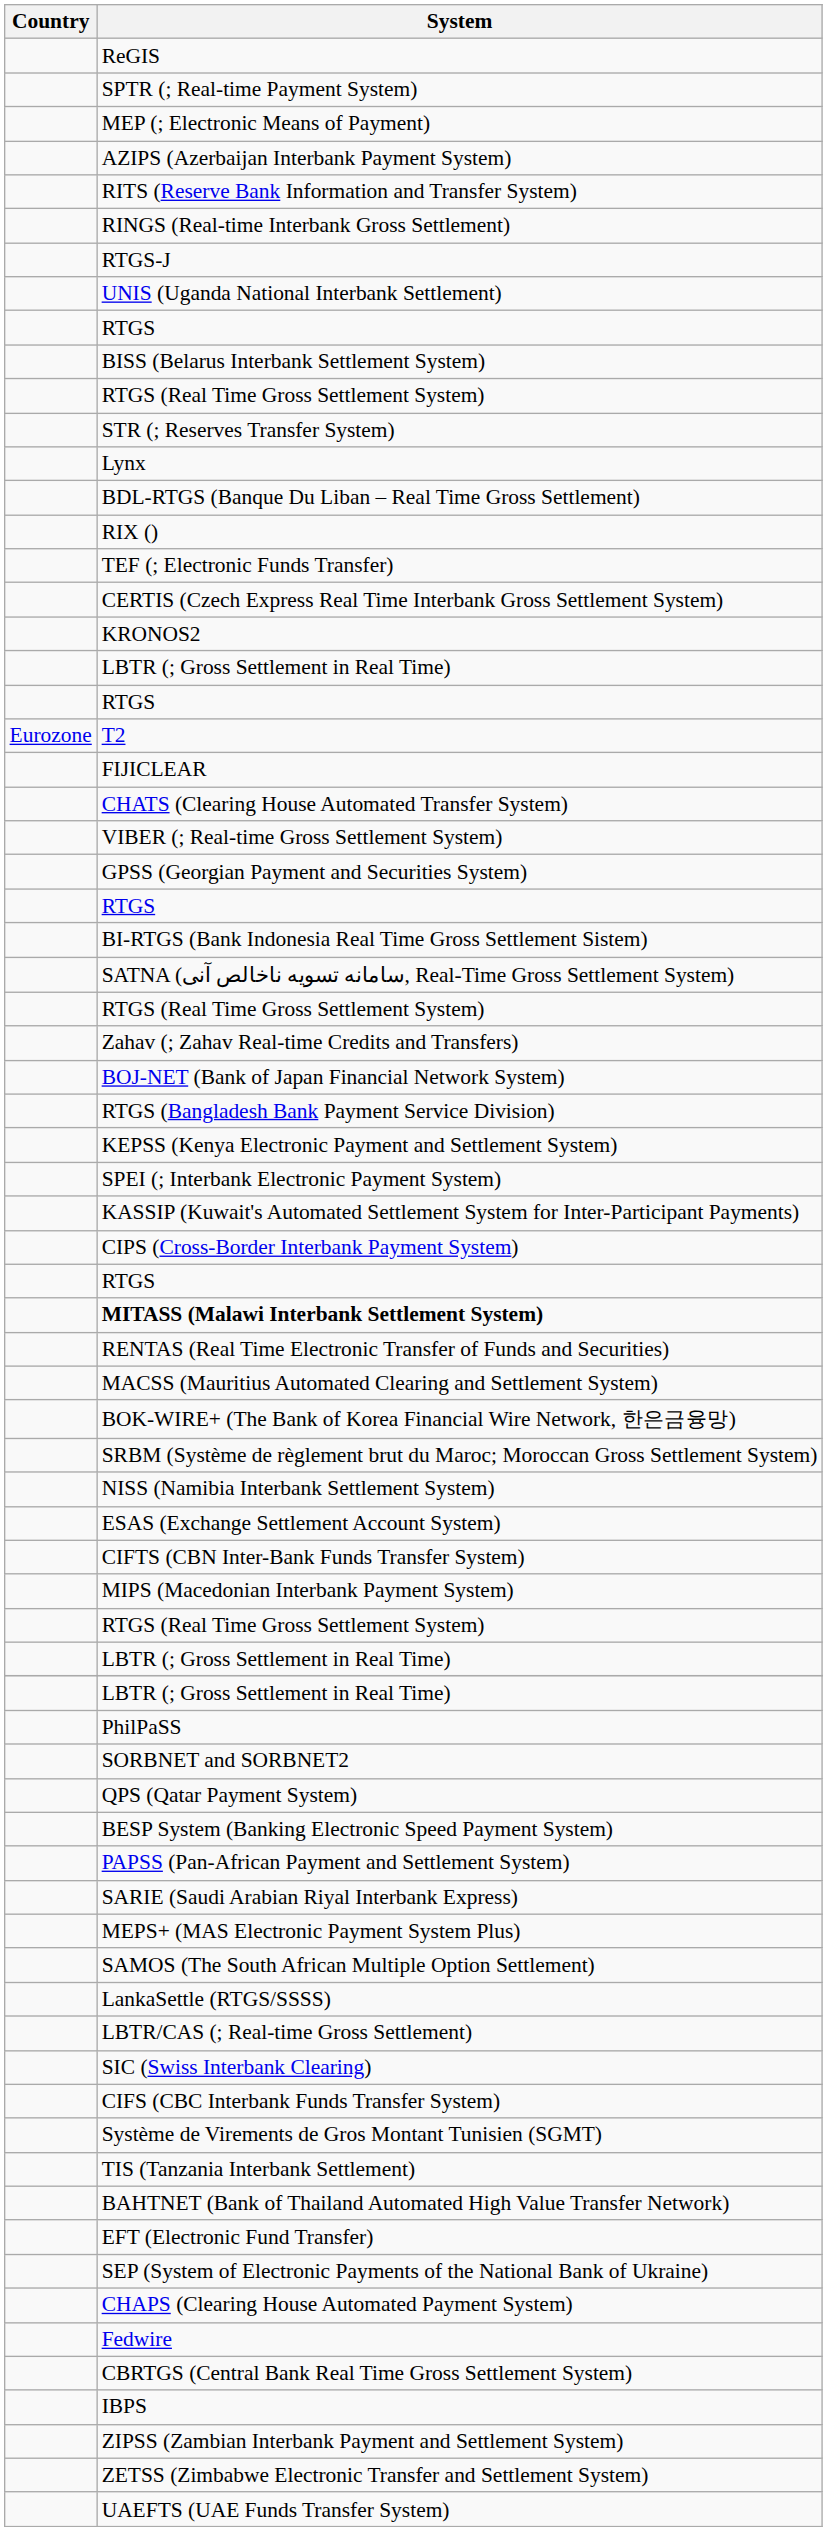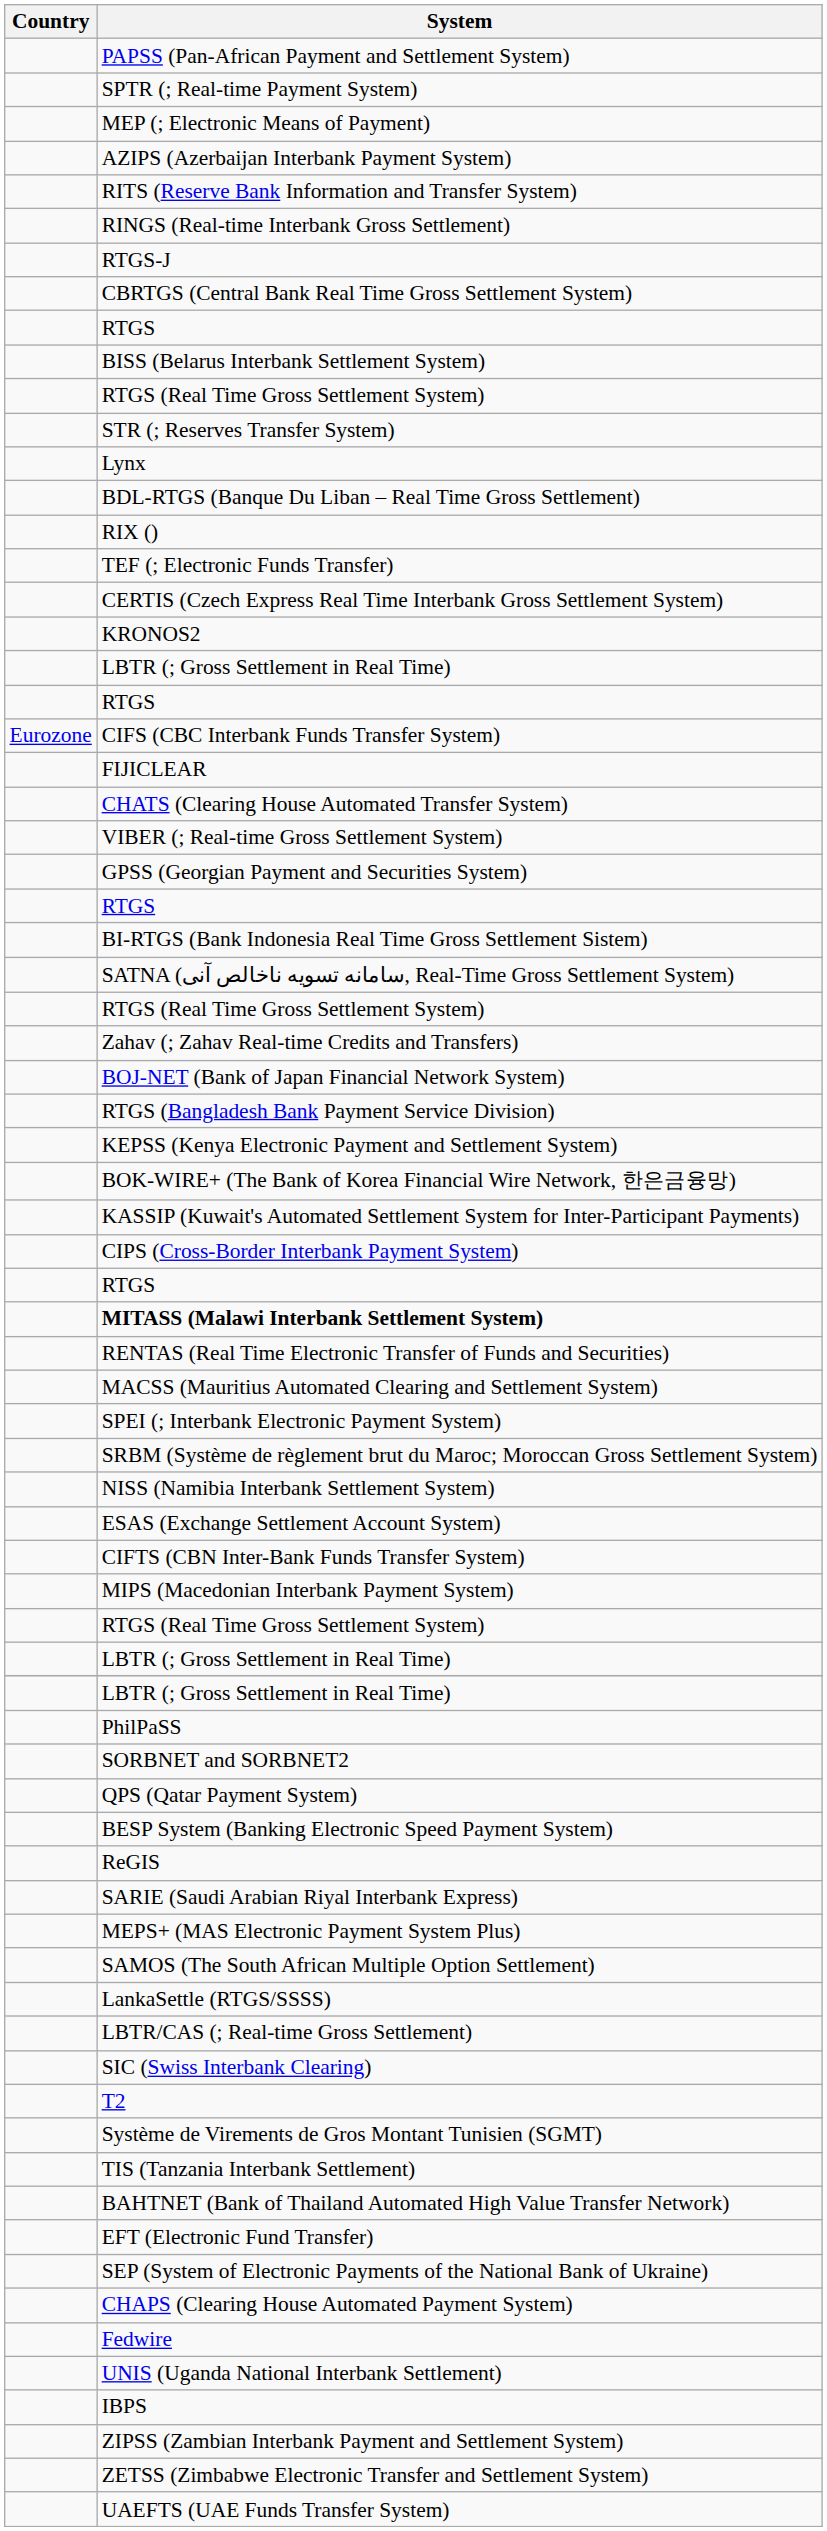 <table class="wikitable sortable">
 <tr>
 <th>Country</th>
 <th>System</th>
 </tr>
 <tr>
 <td></td>
-<td>ReGIS</td>
+<td><a href='#'>PAPSS</a> (Pan-African Payment and Settlement System)</td>
 </tr>
 <tr>
 <td></td>
 <td>SPTR (; Real-time Payment System)</td>
 </tr>
 <tr>
 <td></td>
 <td>MEP (; Electronic Means of Payment)</td>
 </tr>
 <tr>
 <td></td>
 <td>AZIPS (Azerbaijan Interbank Payment System)</td>
 </tr>
 <tr>
 <td></td>
 <td>RITS (<a href='#'>Reserve Bank</a> Information and Transfer System)</td>
 </tr>
 <tr>
 <td></td>
 <td>RINGS (Real-time Interbank Gross Settlement)</td>
 </tr>
 <tr>
 <td></td>
 <td>RTGS-J</td>
 </tr>
 <tr>
 <td></td>
-<td><a href='#'>UNIS</a> (Uganda National Interbank Settlement)</td>
+<td>CBRTGS (Central Bank Real Time Gross Settlement System)</td>
 </tr>
 <tr>
 <td></td>
 <td>RTGS</td>
 </tr>
 <tr>
 <td></td>
 <td>BISS (Belarus Interbank Settlement System)</td>
 </tr>
 <tr>
 <td></td>
 <td>RTGS (Real Time Gross Settlement System)</td>
 </tr>
 <tr>
 <td></td>
 <td>STR (; Reserves Transfer System)</td>
 </tr>
 <tr>
 <td></td>
 <td>Lynx </td>
 </tr>
 <tr>
 <td></td>
 <td>BDL-RTGS (Banque Du Liban – Real Time Gross Settlement)</td>
 </tr>
 <tr>
 <td></td>
 <td>RIX ()</td>
 </tr>
 <tr>
 <td></td>
 <td>TEF (; Electronic Funds Transfer) </td>
 </tr>
 <tr>
 <td></td>
 <td>CERTIS (Czech Express Real Time Interbank Gross Settlement System)</td>
 </tr>
 <tr>
 <td></td>
 <td>KRONOS2</td>
 </tr>
 <tr>
 <td></td>
 <td>LBTR (; Gross Settlement in Real Time)</td>
 </tr>
 <tr>
 <td></td>
 <td>RTGS</td>
 </tr>
 <tr>
 <td> <a href='#'>Eurozone</a></td>
-<td><a href='#'>T2</a></td>
+<td>CIFS (CBC Interbank Funds Transfer System)</td>
 </tr>
 <tr>
 <td></td>
 <td>FIJICLEAR</td>
 </tr>
 <tr>
 <td></td>
 <td><a href='#'>CHATS</a> (Clearing House Automated Transfer System)</td>
 </tr>
 <tr>
 <td></td>
 <td>VIBER (; Real-time Gross Settlement System)</td>
 </tr>
 <tr>
 <td></td>
 <td>GPSS (Georgian Payment and Securities System)</td>
 </tr>
 <tr>
 <td></td>
 <td><a href='#'>RTGS</a></td>
 </tr>
 <tr>
 <td></td>
 <td>BI-RTGS (Bank Indonesia Real Time Gross Settlement Sistem)</td>
 </tr>
 <tr>
 <td></td>
 <td>SATNA (سامانه تسویه ناخالص آنی, Real-Time Gross Settlement System)</td>
 </tr>
 <tr>
 <td></td>
 <td>RTGS (Real Time Gross Settlement System)</td>
 </tr>
 <tr>
 <td></td>
 <td>Zahav (; Zahav Real-time Credits and Transfers)</td>
 </tr>
 <tr>
 <td></td>
 <td><a href='#'>BOJ-NET</a> (Bank of Japan Financial Network System)</td>
 </tr>
 <tr>
 <td></td>
 <td>RTGS (<a href='#'>Bangladesh Bank</a> Payment Service Division)</td>
 </tr>
 <tr>
 <td></td>
 <td>KEPSS (Kenya Electronic Payment and Settlement System)</td>
 </tr>
 <tr>
 <td></td>
-<td>SPEI (; Interbank Electronic Payment System)</td>
+<td>BOK-WIRE+ (The Bank of Korea Financial Wire Network, 한은금융망)</td>
 </tr>
 <tr>
 <td></td>
 <td>KASSIP (Kuwait's Automated Settlement System for Inter-Participant Payments)</td>
 </tr>
 <tr>
 <td></td>
 <td>CIPS (<a href='#'>Cross-Border Interbank Payment System</a>) </td>
 </tr>
 <tr>
 <td></td>
 <td>RTGS </td>
 </tr>
 <tr>
 <td></td>
 <td><strong>MITASS (Malawi Interbank Settlement System)</strong></td>
 </tr>
 <tr>
 <td></td>
 <td>RENTAS (Real Time Electronic Transfer of Funds and Securities)</td>
 </tr>
 <tr>
 <td></td>
 <td>MACSS (Mauritius Automated Clearing and Settlement System)</td>
 </tr>
 <tr>
 <td></td>
-<td>BOK-WIRE+ (The Bank of Korea Financial Wire Network, 한은금융망)</td>
+<td>SPEI (; Interbank Electronic Payment System)</td>
 </tr>
 <tr>
 <td></td>
 <td>SRBM (Système de règlement brut du Maroc; Moroccan Gross Settlement System)</td>
 </tr>
 <tr>
 <td></td>
 <td>NISS (Namibia Interbank Settlement System)</td>
 </tr>
 <tr>
 <td></td>
 <td>ESAS (Exchange Settlement Account System)</td>
 </tr>
 <tr>
 <td></td>
 <td>CIFTS (CBN Inter-Bank Funds Transfer System)</td>
 </tr>
 <tr>
 <td></td>
 <td>MIPS (Macedonian Interbank Payment System)</td>
 </tr>
 <tr>
 <td></td>
 <td>RTGS (Real Time Gross Settlement System)</td>
 </tr>
 <tr>
 <td></td>
 <td>LBTR (; Gross Settlement in Real Time)</td>
 </tr>
 <tr>
 </tr>
 <tr>
 <td></td>
 <td>LBTR (; Gross Settlement in Real Time)</td>
 </tr>
 <tr>
 <td></td>
 <td>PhilPaSS</td>
 </tr>
 <tr>
 <td></td>
 <td>SORBNET and SORBNET2</td>
 </tr>
 <tr>
 <td></td>
 <td>QPS (Qatar Payment System)</td>
 </tr>
 <tr>
 <td></td>
 <td>BESP System (Banking Electronic Speed Payment System)</td>
 </tr>
 <tr>
 <td></td>
-<td><a href='#'>PAPSS</a> (Pan-African Payment and Settlement System)</td>
+<td>ReGIS</td>
 </tr>
 <tr>
 <td></td>
 <td>SARIE (Saudi Arabian Riyal Interbank Express)</td>
 </tr>
 <tr>
 <td></td>
 <td>MEPS+ (MAS Electronic Payment System Plus)</td>
 </tr>
 <tr>
 <td></td>
 <td>SAMOS (The South African Multiple Option Settlement)</td>
 </tr>
 <tr>
 <td></td>
 <td>LankaSettle (RTGS/SSSS)</td>
 </tr>
 <tr>
 <td></td>
 <td>LBTR/CAS (; Real-time Gross Settlement)</td>
 </tr>
 <tr>
 <td></td>
 <td>SIC (<a href='#'>Swiss Interbank Clearing</a>)</td>
 </tr>
 <tr>
 <td></td>
-<td>CIFS (CBC Interbank Funds Transfer System)</td>
+<td><a href='#'>T2</a></td>
 </tr>
 <tr>
 <td></td>
 <td>Système de Virements de Gros Montant Tunisien (SGMT) </td>
 </tr>
 <tr>
 <td></td>
 <td>TIS (Tanzania Interbank Settlement)</td>
 </tr>
 <tr>
 <td></td>
 <td>BAHTNET (Bank of Thailand Automated High Value Transfer Network)</td>
 </tr>
 <tr>
 <td></td>
 <td>EFT (Electronic Fund Transfer)</td>
 </tr>
 <tr>
 <td></td>
 <td>SEP (System of Electronic Payments of the National Bank of Ukraine)</td>
 </tr>
 <tr>
 <td></td>
 <td><a href='#'>CHAPS</a> (Clearing House Automated Payment System)</td>
 </tr>
 <tr>
 <td></td>
 <td><a href='#'>Fedwire</a></td>
 </tr>
 <tr>
 <td></td>
-<td>CBRTGS (Central Bank Real Time Gross Settlement System)</td>
+<td><a href='#'>UNIS</a> (Uganda National Interbank Settlement)</td>
 </tr>
 <tr>
 <td></td>
 <td>IBPS</td>
 </tr>
 <tr>
 <td></td>
 <td>ZIPSS (Zambian Interbank Payment and Settlement System)</td>
 </tr>
 <tr>
 <td></td>
 <td>ZETSS (Zimbabwe Electronic Transfer and Settlement System)</td>
 </tr>
 <tr>
 <td></td>
 <td>UAEFTS (UAE Funds Transfer System)</td>
 </tr>
 </table>
